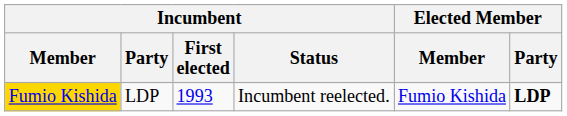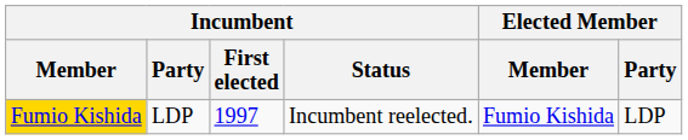 <table class="wikitable sortable">
 <tr>
 <th colspan=4>Incumbent</th>
 <th colspan=2>Elected Member</th>
 </tr>
 <tr>
 <th>Member</th>
 <th>Party</th>
 <th>First<br>elected</th>
 <th>Status</th>
 <th>Member</th>
 <th>Party</th>
 </tr>
 <tr>
 <td style="background: gold;"><a href='#'>Fumio Kishida</a></td>
 <td>LDP</td>
-<td><a href='#'>1993</a></td>
+<td><a href='#'>1997</a></td>
 <td>Incumbent reelected.</td>
 <td><a href='#'>Fumio Kishida</a></td>
-<td><strong>LDP</strong></td>
+<td>LDP</td>
 </tr>
 </table>
